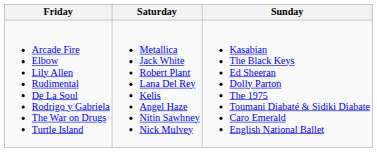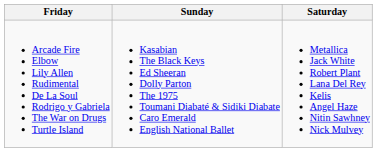 <table class="wikitable">
 <tr>
 <th>Friday</th>
+<th>Sunday</th>
 <th>Saturday</th>
-<th>Sunday</th>
 </tr>
 <tr valign="top">
 <td><br><ul><li><a href='#'>Arcade Fire</a></li><li><a href='#'>Elbow</a></li><li><a href='#'>Lily Allen</a></li><li><a href='#'>Rudimental</a></li><li><a href='#'>De La Soul</a></li><li><a href='#'>Rodrigo y Gabriela</a></li><li><a href='#'>The War on Drugs</a></li><li><a href='#'>Turtle Island</a></li></ul></td>
+<td><br><ul><li><a href='#'>Kasabian</a></li><li><a href='#'>The Black Keys</a></li><li><a href='#'>Ed Sheeran</a></li><li><a href='#'>Dolly Parton</a></li><li><a href='#'>The 1975</a></li><li><a href='#'>Toumani Diabaté & Sidiki Diabate</a></li><li><a href='#'>Caro Emerald</a></li><li><a href='#'>English National Ballet</a></li></ul></td>
 <td><br><ul><li><a href='#'>Metallica</a></li><li><a href='#'>Jack White</a></li><li><a href='#'>Robert Plant</a></li><li><a href='#'>Lana Del Rey</a></li><li><a href='#'>Kelis</a></li><li><a href='#'>Angel Haze</a></li><li><a href='#'>Nitin Sawhney</a></li><li><a href='#'>Nick Mulvey</a></li></ul></td>
-<td><br><ul><li><a href='#'>Kasabian</a></li><li><a href='#'>The Black Keys</a></li><li><a href='#'>Ed Sheeran</a></li><li><a href='#'>Dolly Parton</a></li><li><a href='#'>The 1975</a></li><li><a href='#'>Toumani Diabaté & Sidiki Diabate</a></li><li><a href='#'>Caro Emerald</a></li><li><a href='#'>English National Ballet</a></li></ul></td>
 </tr>
 </table>
